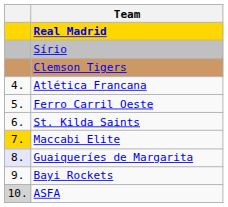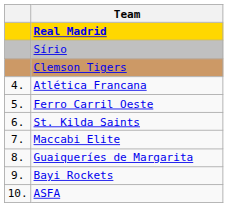 <table class="wikitable" style="text-align:center">
 <tr>
 <th width=25></th>
 <th width=220>Team</th>
 </tr>
 <tr bgcolor=gold>
 <td></td>
 <td align=left><strong> <a href='#'>Real Madrid</a></strong></td>
 </tr>
 <tr bgcolor=silver>
 <td></td>
 <td align=left> <a href='#'>Sírio</a></td>
 </tr>
 <tr bgcolor=cc9966>
 <td></td>
 <td align=left> <a href='#'>Clemson Tigers</a></td>
 </tr>
 <tr>
 <td>4.</td>
 <td align=left> <a href='#'>Atlética Francana</a></td>
 </tr>
 <tr>
 <td>5.</td>
 <td align=left> <a href='#'>Ferro Carril Oeste</a></td>
 </tr>
 <tr>
 <td>6.</td>
 <td align=left> <a href='#'>St. Kilda Saints</a></td>
 </tr>
 <tr>
-<td style="background: gold;">7.</td>
+<td>7.</td>
 <td align=left> <a href='#'>Maccabi Elite</a></td>
 </tr>
 <tr>
-<td style="background: lavender;">8.</td>
+<td>8.</td>
 <td align=left> <a href='#'>Guaiqueríes de Margarita</a></td>
 </tr>
 <tr>
 <td>9.</td>
 <td align=left> <a href='#'>Bayi Rockets</a></td>
 </tr>
 <tr>
-<td style="background: lightgrey;">10.</td>
+<td>10.</td>
 <td align=left> <a href='#'>ASFA</a></td>
 </tr>
 </table>
